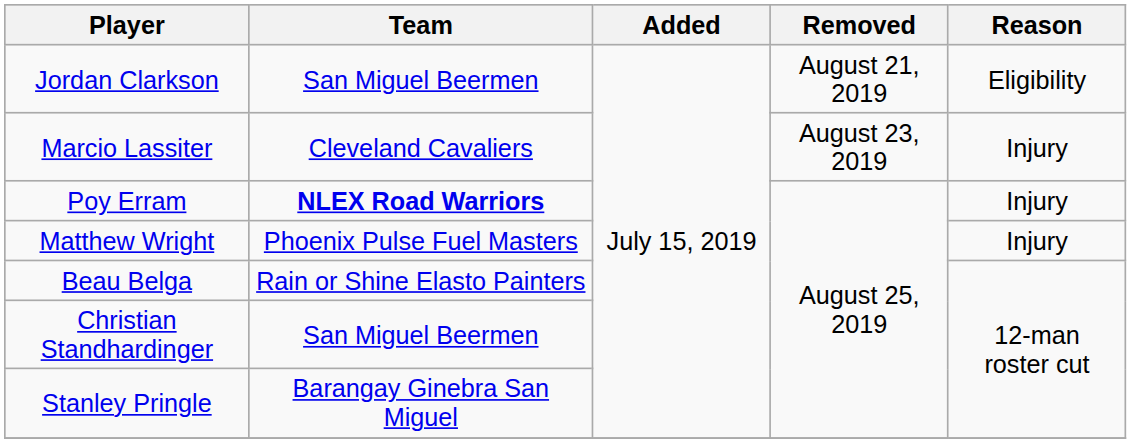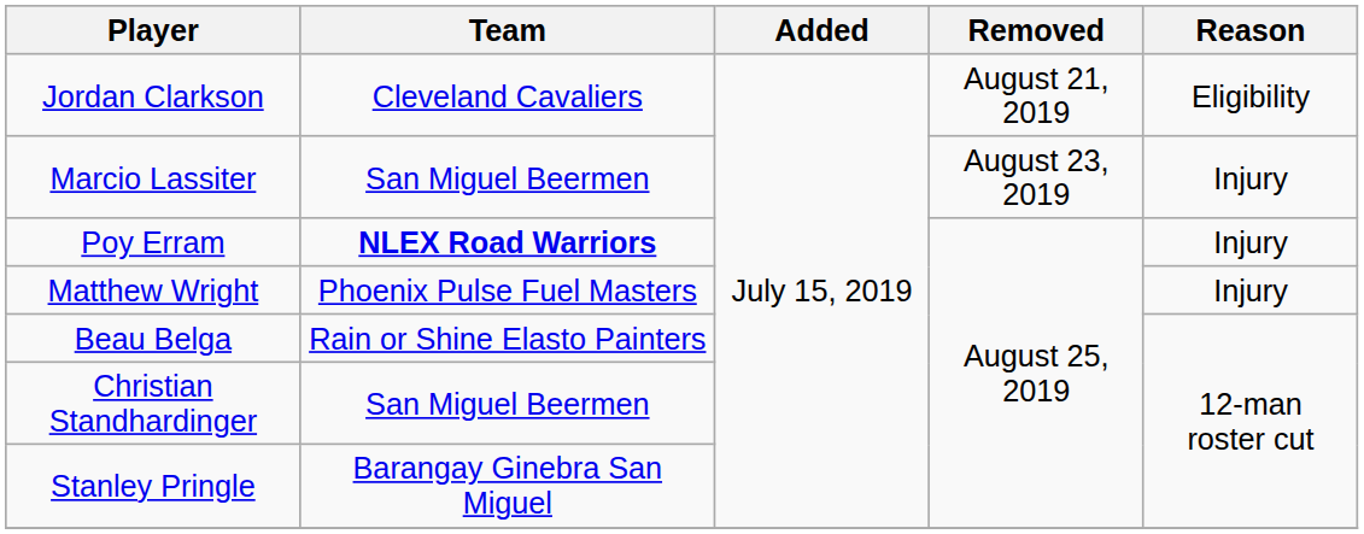 <table class="wikitable sortable" style="text-align:center; font-size:95%">
 <tr>
 <th scope="col" width="140px">Player</th>
 <th scope="col" width="200px">Team</th>
 <th scope="col" width="100px">Added</th>
 <th scope="col" width="100px">Removed</th>
 <th scope="col" width="100px">Reason</th>
 </tr>
 <tr>
 <td><a href='#'>Jordan Clarkson</a></td>
-<td> <a href='#'>San Miguel Beermen</a></td>
+<td> <a href='#'>Cleveland Cavaliers</a></td>
 <td rowspan=7>July 15, 2019</td>
 <td>August 21, 2019</td>
 <td>Eligibility</td>
 </tr>
 <tr>
 <td><a href='#'>Marcio Lassiter</a></td>
-<td> <a href='#'>Cleveland Cavaliers</a></td>
+<td> <a href='#'>San Miguel Beermen</a></td>
 <td>August 23, 2019</td>
 <td>Injury</td>
 </tr>
 <tr>
 <td><a href='#'>Poy Erram</a></td>
 <td><strong> <a href='#'>NLEX Road Warriors</a></strong></td>
 <td rowspan=5>August 25, 2019</td>
 <td>Injury</td>
 </tr>
 <tr>
 <td><a href='#'>Matthew Wright</a></td>
 <td> <a href='#'>Phoenix Pulse Fuel Masters</a></td>
 <td>Injury</td>
 </tr>
 <tr>
 <td><a href='#'>Beau Belga</a></td>
 <td> <a href='#'>Rain or Shine Elasto Painters</a></td>
 <td rowspan=3>12-man<br>roster cut</td>
 </tr>
 <tr>
 <td><a href='#'>Christian Standhardinger</a></td>
 <td> <a href='#'>San Miguel Beermen</a></td>
 </tr>
 <tr>
 <td><a href='#'>Stanley Pringle</a></td>
 <td> <a href='#'>Barangay Ginebra San Miguel</a></td>
 </tr>
 <tr>
 </tr>
 </table>
